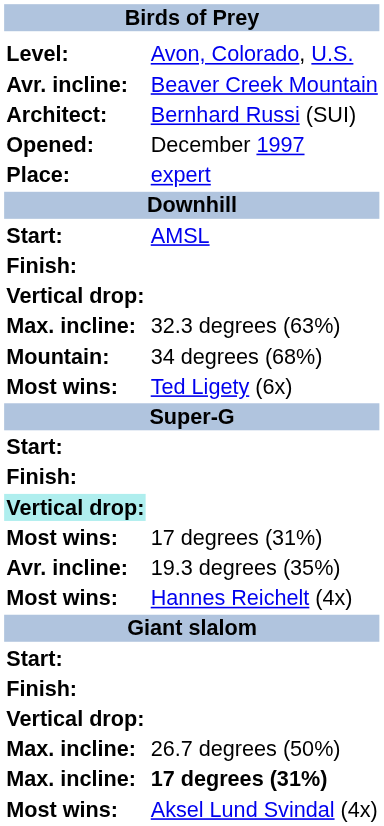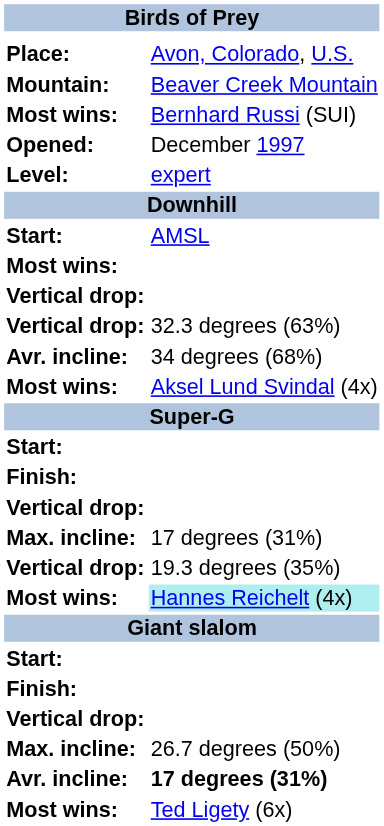 <table border=0 class="toccolours float-right" align="right" style="margin:0 0 0.5em 1em; font-size: 85%;">
 <tr>
 <th bgcolor=#b0c4de colspan=2 align="center">Birds of Prey</th>
 </tr>
 <tr>
 <td align="center" colspan=2></td>
 </tr>
 <tr>
-<td><strong>Level:</strong></td>
+<td><strong>Place:</strong></td>
 <td> <a href='#'>Avon, Colorado</a>, <a href='#'>U.S.</a></td>
 </tr>
 <tr>
-<td><strong>Avr. incline:</strong></td>
+<td><strong>Mountain:</strong></td>
 <td><a href='#'>Beaver Creek Mountain</a></td>
 </tr>
 <tr>
-<td><strong>Architect:</strong></td>
+<td><strong>Most wins:</strong></td>
 <td><a href='#'>Bernhard Russi</a> (SUI)</td>
 </tr>
 <tr>
 <td><strong>Opened:</strong></td>
 <td>December <a href='#'>1997</a></td>
 </tr>
 <tr>
-<td><strong>Place:</strong></td>
+<td><strong>Level:</strong></td>
 <td> <a href='#'>expert</a></td>
 </tr>
 <tr>
 <th bgcolor=#b0c4de colspan=2 align="center">Downhill</th>
 </tr>
 <tr>
 <td><strong>Start:</strong></td>
 <td><a href='#'>AMSL</a></td>
 </tr>
 <tr>
-<td><strong>Finish:</strong></td>
+<td><strong>Most wins:</strong></td>
 <td>  </td>
 </tr>
 <tr>
 <td><strong>Vertical drop:</strong></td>
 <td>  </td>
 </tr>
 <tr>
-<td><strong>Max. incline:</strong></td>
+<td><strong>Vertical drop:</strong></td>
 <td>32.3 degrees (63%)</td>
 </tr>
 <tr>
-<td><strong>Mountain:</strong></td>
+<td><strong>Avr. incline:</strong></td>
 <td>34 degrees (68%)</td>
 </tr>
 <tr>
 <td><strong>Most wins:</strong></td>
-<td> <a href='#'>Ted Ligety</a> (6x)</td>
+<td> <a href='#'>Aksel Lund Svindal</a> (4x)</td>
 </tr>
 <tr>
 <th bgcolor=#b0c4de colspan=2 align="center">Super-G</th>
 </tr>
 <tr>
 <td><strong>Start:</strong></td>
 <td></td>
 </tr>
 <tr>
 <td><strong>Finish:</strong></td>
 <td>  </td>
 </tr>
 <tr>
-<td style="background: paleturquoise;"><strong>Vertical drop:</strong></td>
+<td><strong>Vertical drop:</strong></td>
 <td>  </td>
 </tr>
 <tr>
-<td><strong>Most wins:</strong></td>
+<td><strong>Max. incline:</strong></td>
 <td>17 degrees (31%)</td>
 </tr>
 <tr>
-<td><strong>Avr. incline:</strong></td>
+<td><strong>Vertical drop:</strong></td>
 <td>19.3 degrees (35%)</td>
 </tr>
 <tr>
 <td><strong>Most wins:</strong></td>
-<td> <a href='#'>Hannes Reichelt</a> (4x)</td>
+<td style="background: paleturquoise;"> <a href='#'>Hannes Reichelt</a> (4x)</td>
 </tr>
 <tr>
 <th bgcolor=#b0c4de colspan=2 align="center">Giant slalom</th>
 </tr>
 <tr>
 <td><strong>Start:</strong></td>
 <td></td>
 </tr>
 <tr>
 <td><strong>Finish:</strong></td>
 <td>  </td>
 </tr>
 <tr>
 <td><strong>Vertical drop:</strong></td>
 <td>  </td>
 </tr>
 <tr>
 <td><strong>Max. incline:</strong></td>
 <td>26.7 degrees (50%)</td>
 </tr>
 <tr>
-<td><strong>Max. incline:</strong></td>
+<td><strong>Avr. incline:</strong></td>
 <td><strong>17 degrees (31%)</strong></td>
 </tr>
 <tr>
 <td><strong>Most wins:</strong></td>
-<td> <a href='#'>Aksel Lund Svindal</a> (4x)</td>
+<td> <a href='#'>Ted Ligety</a> (6x)</td>
 </tr>
 </table>
